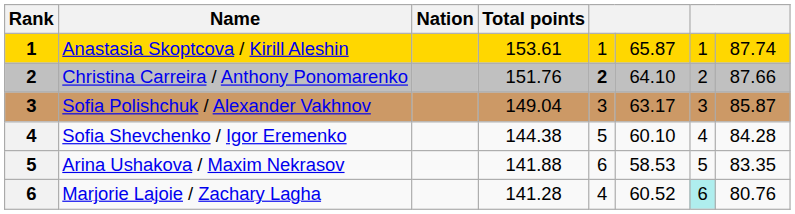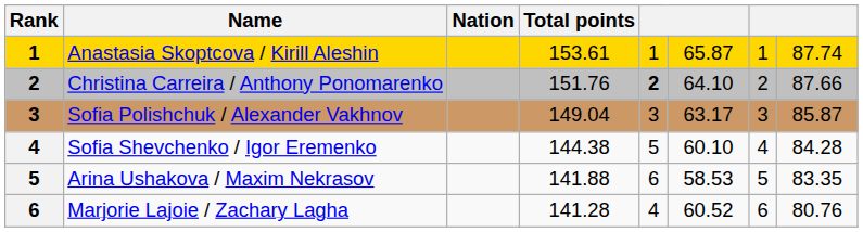 <table class="wikitable sortable">
 <tr>
 <th>Rank</th>
 <th>Name</th>
 <th>Nation</th>
 <th>Total points</th>
 <th colspan="2" width="80px"></th>
 <th colspan="2" width="80px"></th>
 </tr>
 <tr bgcolor="gold">
 <td align="center"><strong>1</strong></td>
 <td><a href='#'>Anastasia Skoptcova</a> /  <a href='#'>Kirill Aleshin</a></td>
 <td></td>
 <td align="center">153.61</td>
 <td align="center">1</td>
 <td align="center">65.87</td>
 <td align="center">1</td>
 <td align="center">87.74</td>
 </tr>
 <tr bgcolor="silver">
 <td align="center"><strong>2</strong></td>
 <td><a href='#'>Christina Carreira</a> / <a href='#'>Anthony Ponomarenko</a></td>
 <td></td>
 <td align="center">151.76</td>
 <td align="center"><strong>2</strong></td>
 <td align="center">64.10</td>
 <td align="center">2</td>
 <td align="center">87.66</td>
 </tr>
 <tr bgcolor="cc9966">
 <td align="center"><strong>3</strong></td>
 <td><a href='#'>Sofia Polishchuk</a> / <a href='#'>Alexander Vakhnov</a></td>
 <td></td>
 <td align="center">149.04</td>
 <td align="center">3</td>
 <td align="center">63.17</td>
 <td align="center">3</td>
 <td align="center">85.87</td>
 </tr>
 <tr>
 <th>4</th>
 <td><a href='#'>Sofia Shevchenko</a> / <a href='#'>Igor Eremenko</a></td>
 <td></td>
 <td align="center">144.38</td>
 <td align="center">5</td>
 <td align="center">60.10</td>
 <td align="center">4</td>
 <td align="center">84.28</td>
 </tr>
 <tr>
 <th>5</th>
 <td><a href='#'>Arina Ushakova</a> / <a href='#'>Maxim Nekrasov</a></td>
 <td></td>
 <td align="center">141.88</td>
 <td align="center">6</td>
 <td align="center">58.53</td>
 <td align="center">5</td>
 <td align="center">83.35</td>
 </tr>
 <tr>
 <th>6</th>
 <td><a href='#'>Marjorie Lajoie</a> / <a href='#'>Zachary Lagha</a></td>
 <td></td>
 <td align="center">141.28</td>
 <td align="center">4</td>
 <td align="center">60.52</td>
-<td align="center" style="background: paleturquoise;">6</td>
+<td align="center">6</td>
 <td align="center">80.76</td>
 </tr>
 </table>
